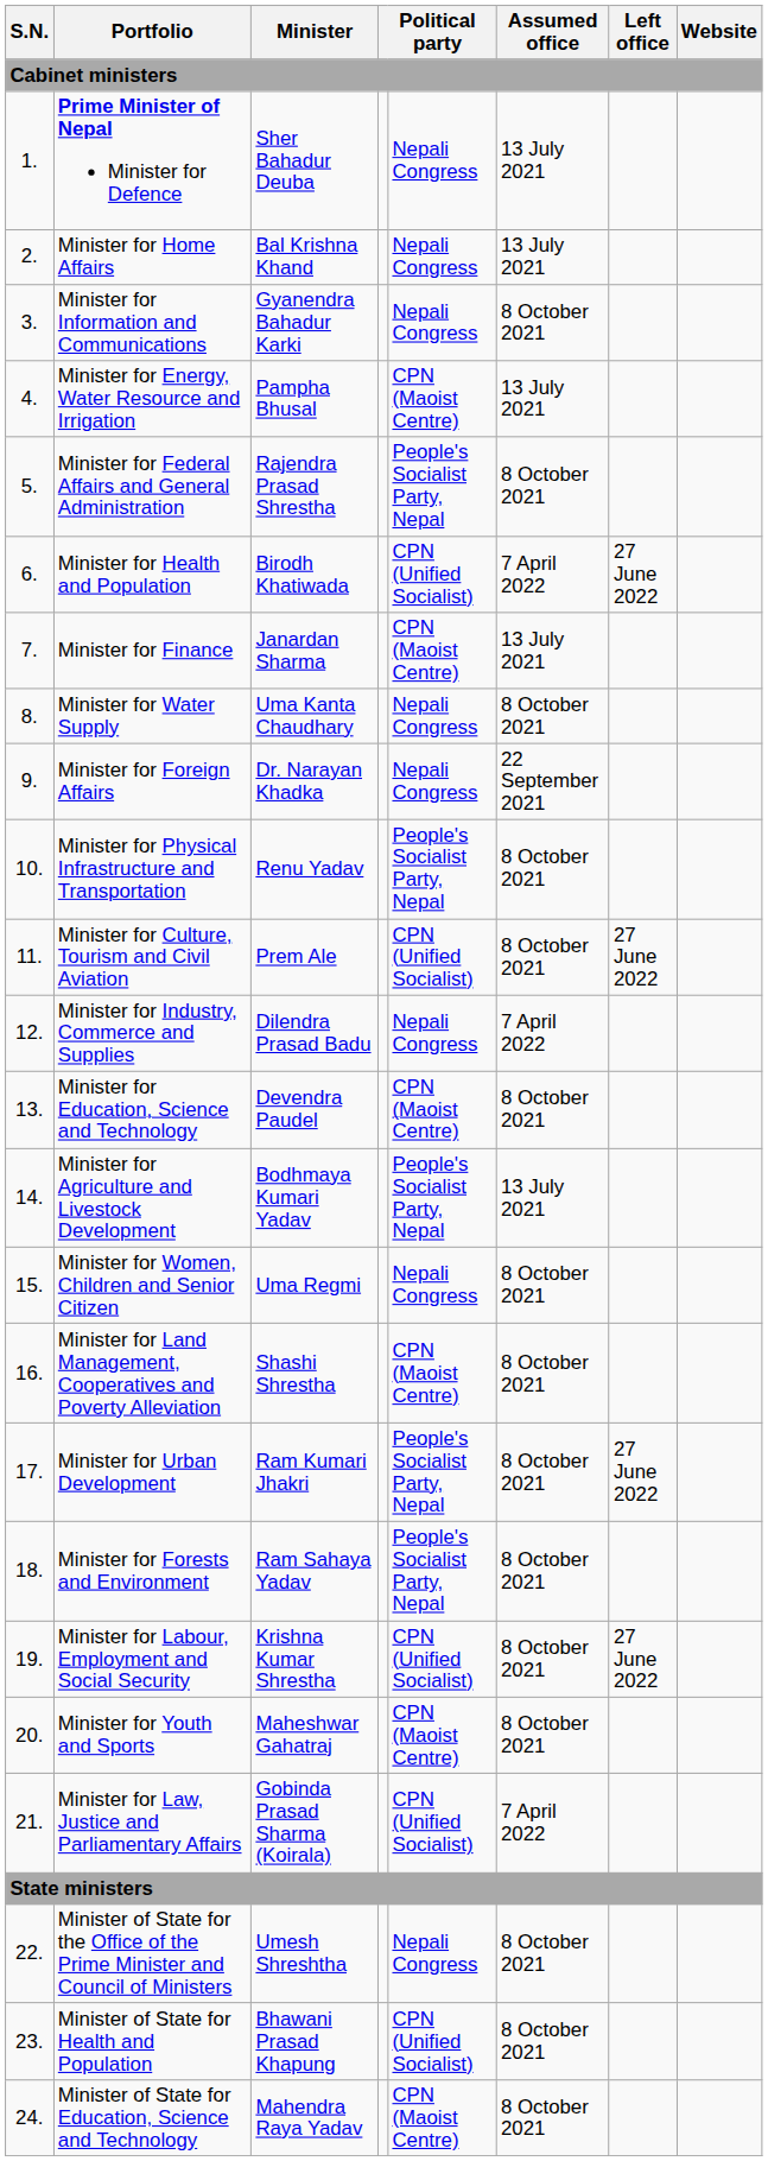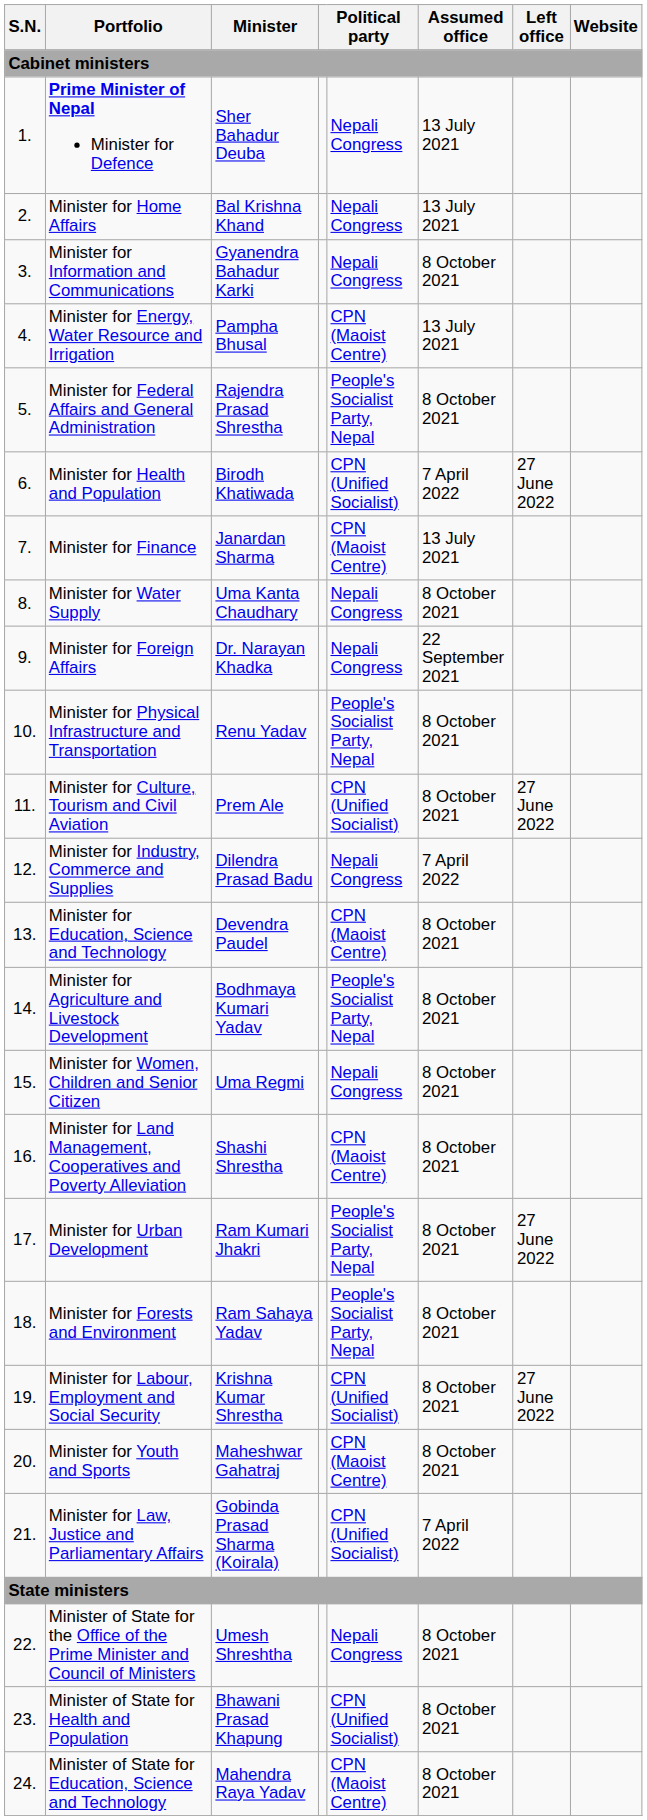 <table class="wikitable sortable">
 <tr>
 <th>S.N.</th>
 <th>Portfolio</th>
 <th>Minister</th>
 <th colspan="2">Political party</th>
 <th>Assumed office</th>
 <th>Left office</th>
 <th>Website</th>
 </tr>
 <tr>
 <td colspan="8" bgcolor="darkgrey"><strong>Cabinet ministers</strong></td>
 </tr>
 <tr>
 <td style="text-align:center;">1.</td>
 <td><strong><a href='#'>Prime Minister of Nepal</a></strong><br><ul><li>Minister for <a href='#'>Defence</a></li></ul></td>
 <td><a href='#'>Sher Bahadur Deuba</a></td>
 <td></td>
 <td><a href='#'>Nepali Congress</a></td>
 <td>13 July 2021</td>
 <td></td>
 <td></td>
 </tr>
 <tr>
 <td style="text-align:center;">2.</td>
 <td>Minister for <a href='#'>Home Affairs</a></td>
 <td><a href='#'>Bal Krishna Khand</a></td>
 <td></td>
 <td><a href='#'>Nepali Congress</a></td>
 <td>13 July 2021</td>
 <td></td>
 <td></td>
 </tr>
 <tr>
 <td style="text-align:center;">3.</td>
 <td>Minister for <a href='#'>Information and Communications</a></td>
 <td><a href='#'>Gyanendra Bahadur Karki</a></td>
 <td></td>
 <td><a href='#'>Nepali Congress</a></td>
 <td>8 October 2021</td>
 <td></td>
 <td></td>
 </tr>
 <tr>
 <td style="text-align:center;">4.</td>
 <td>Minister for <a href='#'>Energy, Water Resource and Irrigation</a></td>
 <td><a href='#'>Pampha Bhusal</a></td>
 <td></td>
 <td><a href='#'>CPN (Maoist Centre)</a></td>
 <td>13 July 2021</td>
 <td></td>
 <td> </td>
 </tr>
 <tr>
 <td style="text-align:center;">5.</td>
 <td>Minister for <a href='#'>Federal Affairs and General Administration</a></td>
 <td><a href='#'>Rajendra Prasad Shrestha</a></td>
 <td></td>
 <td><a href='#'>People's Socialist Party, Nepal</a></td>
 <td>8 October 2021</td>
 <td></td>
 <td></td>
 </tr>
 <tr>
 <td style="text-align:center;">6.</td>
 <td>Minister for <a href='#'>Health and Population</a></td>
 <td><a href='#'>Birodh Khatiwada</a></td>
 <td></td>
 <td><a href='#'>CPN (Unified Socialist)</a></td>
 <td>7 April 2022</td>
 <td>27 June 2022</td>
 <td> </td>
 </tr>
 <tr>
 <td style="text-align:center;">7.</td>
 <td>Minister for <a href='#'>Finance</a></td>
 <td><a href='#'>Janardan Sharma</a></td>
 <td></td>
 <td><a href='#'>CPN (Maoist Centre)</a></td>
 <td>13 July 2021</td>
 <td></td>
 <td></td>
 </tr>
 <tr>
 <td style="text-align:center;">8.</td>
 <td>Minister for <a href='#'>Water Supply</a></td>
 <td><a href='#'>Uma Kanta Chaudhary</a></td>
 <td></td>
 <td><a href='#'>Nepali Congress</a></td>
 <td>8 October 2021</td>
 <td></td>
 <td></td>
 </tr>
 <tr>
 <td style="text-align:center;">9.</td>
 <td>Minister for <a href='#'>Foreign Affairs</a></td>
 <td><a href='#'>Dr. Narayan Khadka</a></td>
 <td></td>
 <td><a href='#'>Nepali Congress</a></td>
 <td>22 September 2021</td>
 <td></td>
 <td></td>
 </tr>
 <tr>
 <td style="text-align:center;">10.</td>
 <td>Minister for <a href='#'>Physical Infrastructure and Transportation</a></td>
 <td><a href='#'>Renu Yadav</a></td>
 <td></td>
 <td><a href='#'>People's Socialist Party, Nepal</a></td>
 <td>8 October 2021</td>
 <td></td>
 <td></td>
 </tr>
 <tr>
 <td style="text-align:center;">11.</td>
 <td>Minister for <a href='#'>Culture, Tourism and Civil Aviation</a></td>
 <td><a href='#'>Prem Ale</a></td>
 <td></td>
 <td><a href='#'>CPN (Unified Socialist)</a></td>
 <td>8 October 2021</td>
 <td>27 June 2022</td>
 <td></td>
 </tr>
 <tr>
 <td style="text-align:center;">12.</td>
 <td>Minister for <a href='#'>Industry, Commerce and Supplies</a></td>
 <td><a href='#'>Dilendra Prasad Badu</a></td>
 <td></td>
 <td><a href='#'>Nepali Congress</a></td>
 <td>7 April 2022</td>
 <td></td>
 <td></td>
 </tr>
 <tr>
 <td style="text-align:center;">13.</td>
 <td>Minister for <a href='#'>Education, Science and Technology</a></td>
 <td><a href='#'>Devendra Paudel</a></td>
 <td></td>
 <td><a href='#'>CPN (Maoist Centre)</a></td>
 <td>8 October 2021</td>
 <td></td>
 <td> </td>
 </tr>
 <tr>
 <td style="text-align:center;">14.</td>
 <td>Minister for <a href='#'>Agriculture and Livestock Development</a></td>
 <td><a href='#'>Bodhmaya Kumari Yadav</a></td>
 <td></td>
 <td><a href='#'>People's Socialist Party, Nepal</a></td>
-<td>13 July 2021</td>
+<td>8 October 2021</td>
 <td></td>
 <td></td>
 </tr>
 <tr>
 <td style="text-align:center;">15.</td>
 <td>Minister for <a href='#'>Women, Children and Senior Citizen</a></td>
 <td><a href='#'>Uma Regmi</a></td>
 <td></td>
 <td><a href='#'>Nepali Congress</a></td>
 <td>8 October 2021</td>
 <td></td>
 <td></td>
 </tr>
 <tr>
 <td style="text-align:center;">16.</td>
 <td>Minister for <a href='#'>Land Management, Cooperatives and Poverty Alleviation</a></td>
 <td><a href='#'>Shashi Shrestha</a></td>
 <td></td>
 <td><a href='#'>CPN (Maoist Centre)</a></td>
 <td>8 October 2021</td>
 <td></td>
 <td></td>
 </tr>
 <tr>
 <td style="text-align:center;">17.</td>
 <td>Minister for <a href='#'>Urban Development</a></td>
 <td><a href='#'>Ram Kumari Jhakri</a></td>
 <td></td>
 <td><a href='#'>People's Socialist Party, Nepal</a></td>
 <td>8 October 2021</td>
 <td>27 June 2022</td>
 <td></td>
 </tr>
 <tr>
 <td style="text-align:center;">18.</td>
 <td>Minister for <a href='#'>Forests and Environment</a></td>
 <td><a href='#'>Ram Sahaya Yadav</a></td>
 <td></td>
 <td><a href='#'>People's Socialist Party, Nepal</a></td>
 <td>8 October 2021</td>
 <td></td>
 <td></td>
 </tr>
 <tr>
 <td style="text-align:center;">19.</td>
 <td>Minister for <a href='#'>Labour, Employment and Social Security</a></td>
 <td><a href='#'>Krishna Kumar Shrestha</a></td>
 <td></td>
 <td><a href='#'>CPN (Unified Socialist)</a></td>
 <td>8 October 2021</td>
 <td>27 June 2022</td>
 <td> </td>
 </tr>
 <tr>
 <td style="text-align:center;">20.</td>
 <td>Minister for <a href='#'>Youth and Sports</a></td>
 <td><a href='#'>Maheshwar Gahatraj</a></td>
 <td></td>
 <td><a href='#'>CPN (Maoist Centre)</a></td>
 <td>8 October 2021</td>
 <td></td>
 <td></td>
 </tr>
 <tr>
 <td style="text-align:center;">21.</td>
 <td>Minister for <a href='#'>Law, Justice and Parliamentary Affairs</a></td>
 <td><a href='#'>Gobinda Prasad Sharma (Koirala)</a></td>
 <td></td>
 <td><a href='#'>CPN (Unified Socialist)</a></td>
 <td>7 April 2022</td>
 <td></td>
 <td></td>
 </tr>
 <tr>
 <td colspan="8" bgcolor="darkgrey"><strong>State ministers</strong></td>
 </tr>
 <tr>
 <td style="text-align:center;">22.</td>
 <td>Minister of State for the <a href='#'>Office of the Prime Minister and Council of Ministers</a></td>
 <td><a href='#'>Umesh Shreshtha</a></td>
 <td></td>
 <td><a href='#'>Nepali Congress</a></td>
 <td>8 October 2021</td>
 <td></td>
 <td></td>
 </tr>
 <tr>
 <td style="text-align:center;">23.</td>
 <td>Minister of State for <a href='#'>Health and Population</a></td>
 <td><a href='#'>Bhawani Prasad Khapung</a></td>
 <td></td>
 <td><a href='#'>CPN (Unified Socialist)</a></td>
 <td>8 October 2021</td>
 <td></td>
 <td> </td>
 </tr>
 <tr>
 <td style="text-align:center;">24.</td>
 <td>Minister of State for <a href='#'>Education, Science and Technology</a></td>
 <td><a href='#'>Mahendra Raya Yadav</a></td>
 <td></td>
 <td><a href='#'>CPN (Maoist Centre)</a></td>
 <td>8 October 2021</td>
 <td></td>
 <td> </td>
 </tr>
 <tr>
 </tr>
 </table>
